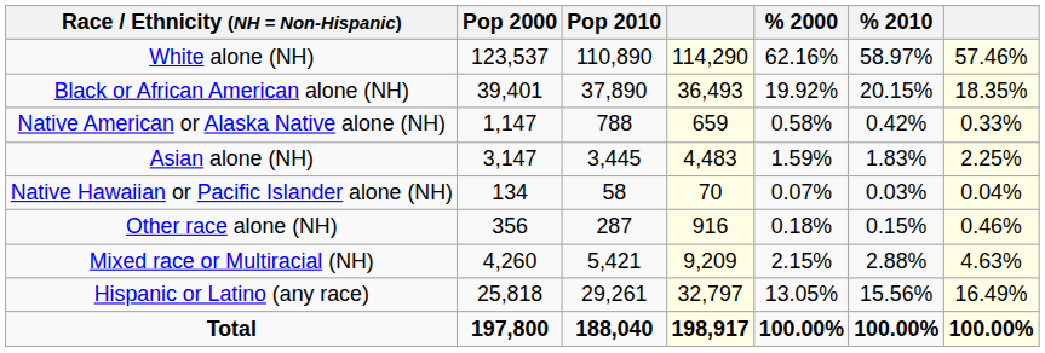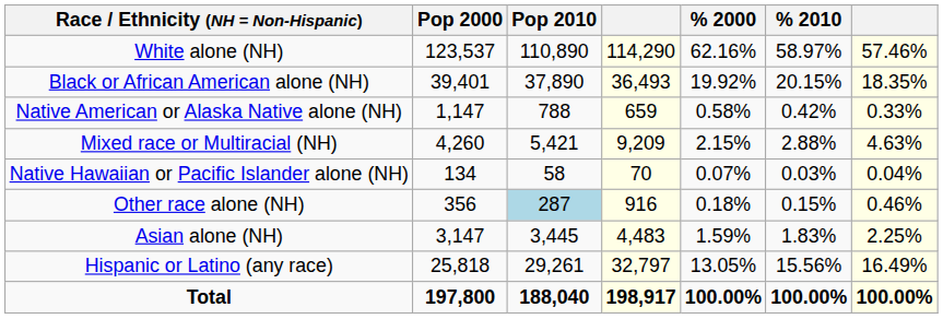 <table class="wikitable" style="text-align:center;">
 <tr>
 <th>Race / Ethnicity <small>(<em>NH = Non-Hispanic</em>)</small></th>
 <th>Pop 2000</th>
 <th>Pop 2010</th>
 <th></th>
 <th>% 2000</th>
 <th>% 2010</th>
 <th></th>
 </tr>
 <tr>
 <td><a href='#'>White</a> alone (NH)</td>
 <td>123,537</td>
 <td>110,890</td>
 <td style='background: #ffffe6;'>114,290</td>
 <td>62.16%</td>
 <td>58.97%</td>
 <td style='background: #ffffe6;'>57.46%</td>
 </tr>
 <tr>
 <td><a href='#'>Black or African American</a> alone (NH)</td>
 <td>39,401</td>
 <td>37,890</td>
 <td style='background: #ffffe6;'>36,493</td>
 <td>19.92%</td>
 <td>20.15%</td>
 <td style='background: #ffffe6;'>18.35%</td>
 </tr>
 <tr>
 <td><a href='#'>Native American</a> or <a href='#'>Alaska Native</a> alone (NH)</td>
 <td>1,147</td>
 <td>788</td>
 <td style='background: #ffffe6;'>659</td>
 <td>0.58%</td>
 <td>0.42%</td>
 <td style='background: #ffffe6;'>0.33%</td>
 </tr>
 <tr>
-<td><a href='#'>Asian</a> alone (NH)</td>
-<td>3,147</td>
-<td>3,445</td>
-<td style='background: #ffffe6;'>4,483</td>
-<td>1.59%</td>
-<td>1.83%</td>
-<td style='background: #ffffe6;'>2.25%</td>
+<td><a href='#'>Mixed race or Multiracial</a> (NH)</td>
+<td>4,260</td>
+<td>5,421</td>
+<td style='background: #ffffe6;'>9,209</td>
+<td>2.15%</td>
+<td>2.88%</td>
+<td style='background: #ffffe6;'>4.63%</td>
 </tr>
 <tr>
 <td><a href='#'>Native Hawaiian</a> or <a href='#'>Pacific Islander</a> alone (NH)</td>
 <td>134</td>
 <td>58</td>
 <td style='background: #ffffe6;'>70</td>
 <td>0.07%</td>
 <td>0.03%</td>
 <td style='background: #ffffe6;'>0.04%</td>
 </tr>
 <tr>
 <td><a href='#'>Other race</a> alone (NH)</td>
 <td>356</td>
-<td>287</td>
+<td style="background: lightblue;">287</td>
 <td style='background: #ffffe6;'>916</td>
 <td>0.18%</td>
 <td>0.15%</td>
 <td style='background: #ffffe6;'>0.46%</td>
 </tr>
 <tr>
-<td><a href='#'>Mixed race or Multiracial</a> (NH)</td>
-<td>4,260</td>
-<td>5,421</td>
-<td style='background: #ffffe6;'>9,209</td>
-<td>2.15%</td>
-<td>2.88%</td>
-<td style='background: #ffffe6;'>4.63%</td>
+<td><a href='#'>Asian</a> alone (NH)</td>
+<td>3,147</td>
+<td>3,445</td>
+<td style='background: #ffffe6;'>4,483</td>
+<td>1.59%</td>
+<td>1.83%</td>
+<td style='background: #ffffe6;'>2.25%</td>
 </tr>
 <tr>
 <td><a href='#'>Hispanic or Latino</a> (any race)</td>
 <td>25,818</td>
 <td>29,261</td>
 <td style='background: #ffffe6;'>32,797</td>
 <td>13.05%</td>
 <td>15.56%</td>
 <td style='background: #ffffe6;'>16.49%</td>
 </tr>
 <tr>
 <td><strong>Total</strong></td>
 <td><strong>197,800</strong></td>
 <td><strong>188,040</strong></td>
 <td style='background: #ffffe6;'><strong>198,917</strong></td>
 <td><strong>100.00%</strong></td>
 <td><strong>100.00%</strong></td>
 <td style='background: #ffffe6;'><strong>100.00%</strong></td>
 </tr>
 </table>
